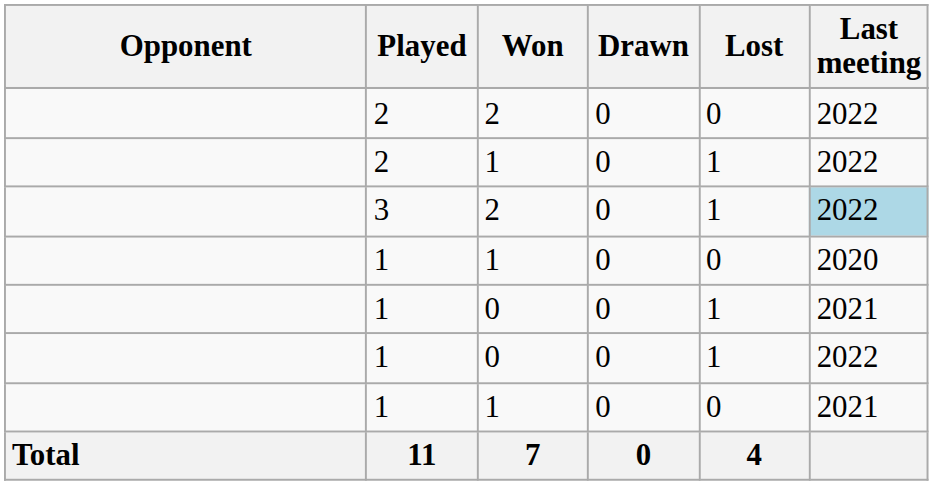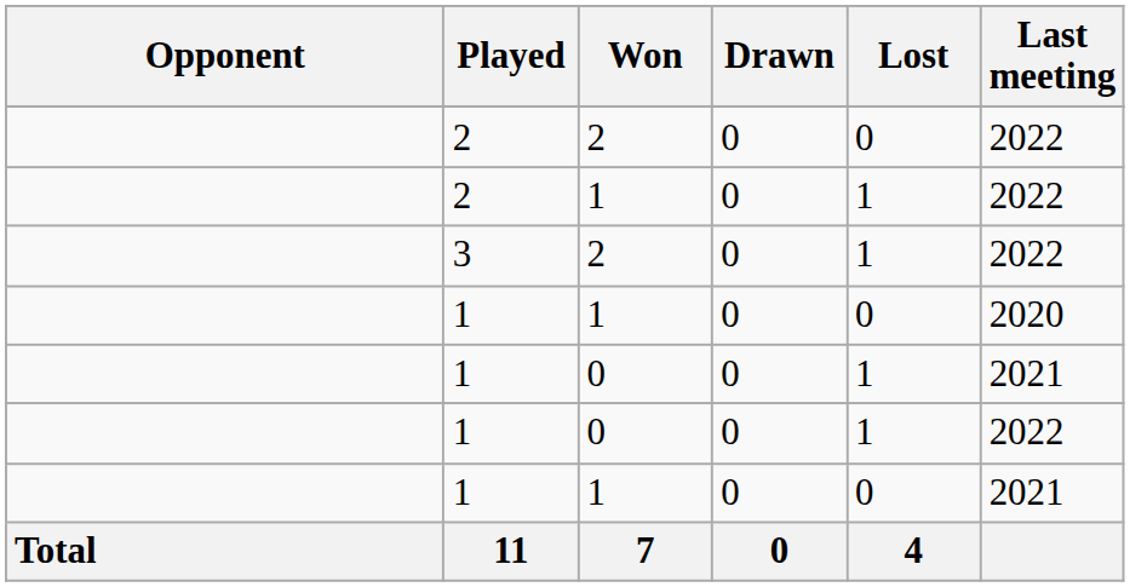 <table class="wikitable sortable" style="font-size:100%">
 <tr>
 <th style="width:180px;">Opponent</th>
 <th style="width:50px;">Played</th>
 <th style="width:50px;">Won</th>
 <th style="width:50px;">Drawn</th>
 <th style="width:50px;">Lost</th>
 <th style="width:50px;">Last meeting</th>
 </tr>
 <tr>
 </tr>
 <tr>
 <td style="text-align:left;"></td>
 <td>2</td>
 <td>2</td>
 <td>0</td>
 <td>0</td>
 <td>2022</td>
 </tr>
 <tr>
 <td style="text-align:left;"></td>
 <td>2</td>
 <td>1</td>
 <td>0</td>
 <td>1</td>
 <td>2022</td>
 </tr>
 <tr>
 <td style="text-align:left;"></td>
 <td>3</td>
 <td>2</td>
 <td>0</td>
 <td>1</td>
-<td style="background: lightblue;">2022</td>
+<td>2022</td>
 </tr>
 <tr>
 <td style="text-align:left;"></td>
 <td>1</td>
 <td>1</td>
 <td>0</td>
 <td>0</td>
 <td>2020</td>
 </tr>
 <tr>
 <td style="text-align:left;"></td>
 <td>1</td>
 <td>0</td>
 <td>0</td>
 <td>1</td>
 <td>2021</td>
 </tr>
 <tr>
 <td style="text-align:left;"></td>
 <td>1</td>
 <td>0</td>
 <td>0</td>
 <td>1</td>
 <td>2022</td>
 </tr>
 <tr>
 <td style="text-align:left;"></td>
 <td>1</td>
 <td>1</td>
 <td>0</td>
 <td>0</td>
 <td>2021</td>
 </tr>
 <tr>
 <th style="text-align:left;"><strong>Total</strong></th>
 <th><strong>11</strong></th>
 <th><strong>7</strong></th>
 <th><strong>0</strong></th>
 <th><strong>4</strong></th>
 <th></th>
 </tr>
 </table>
